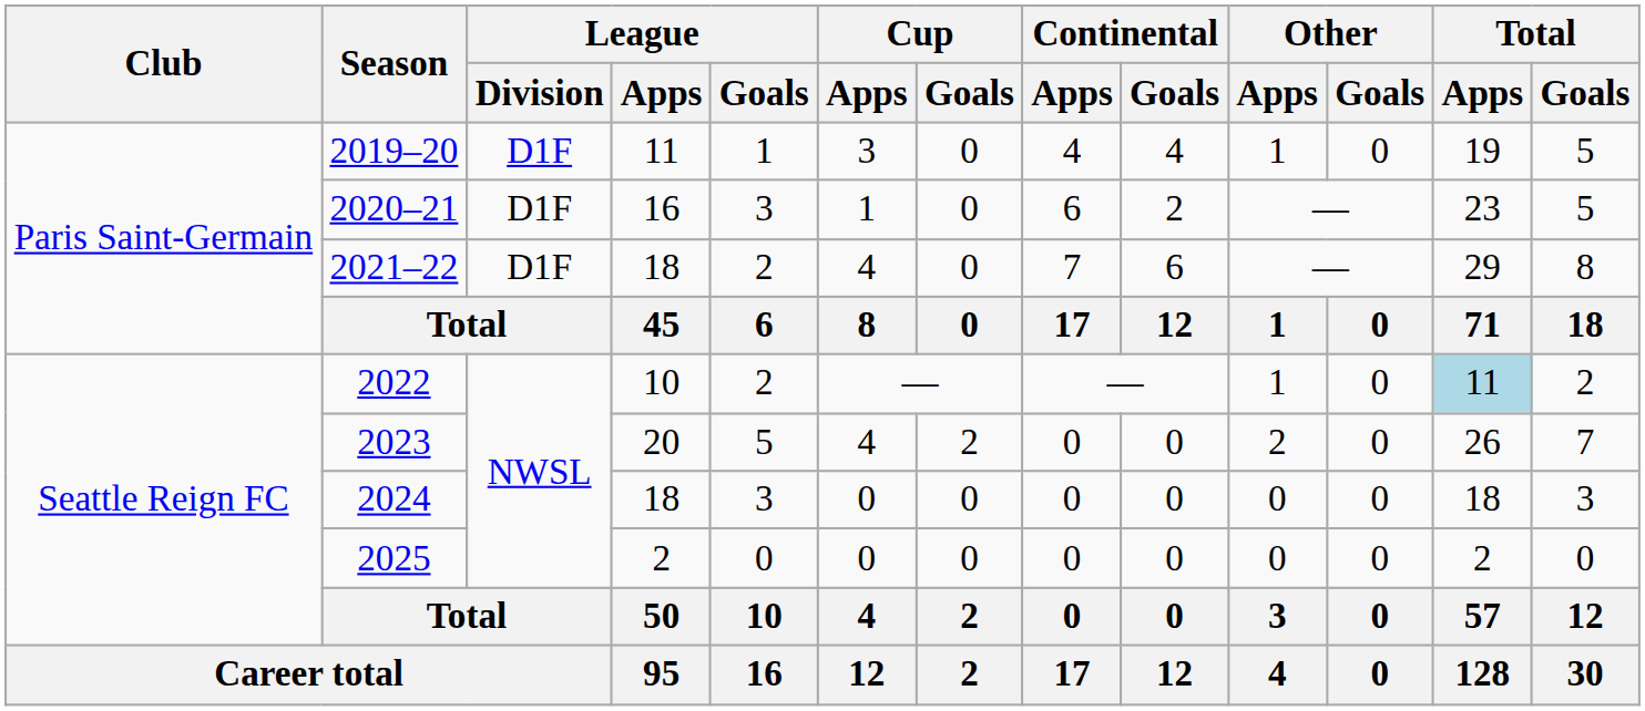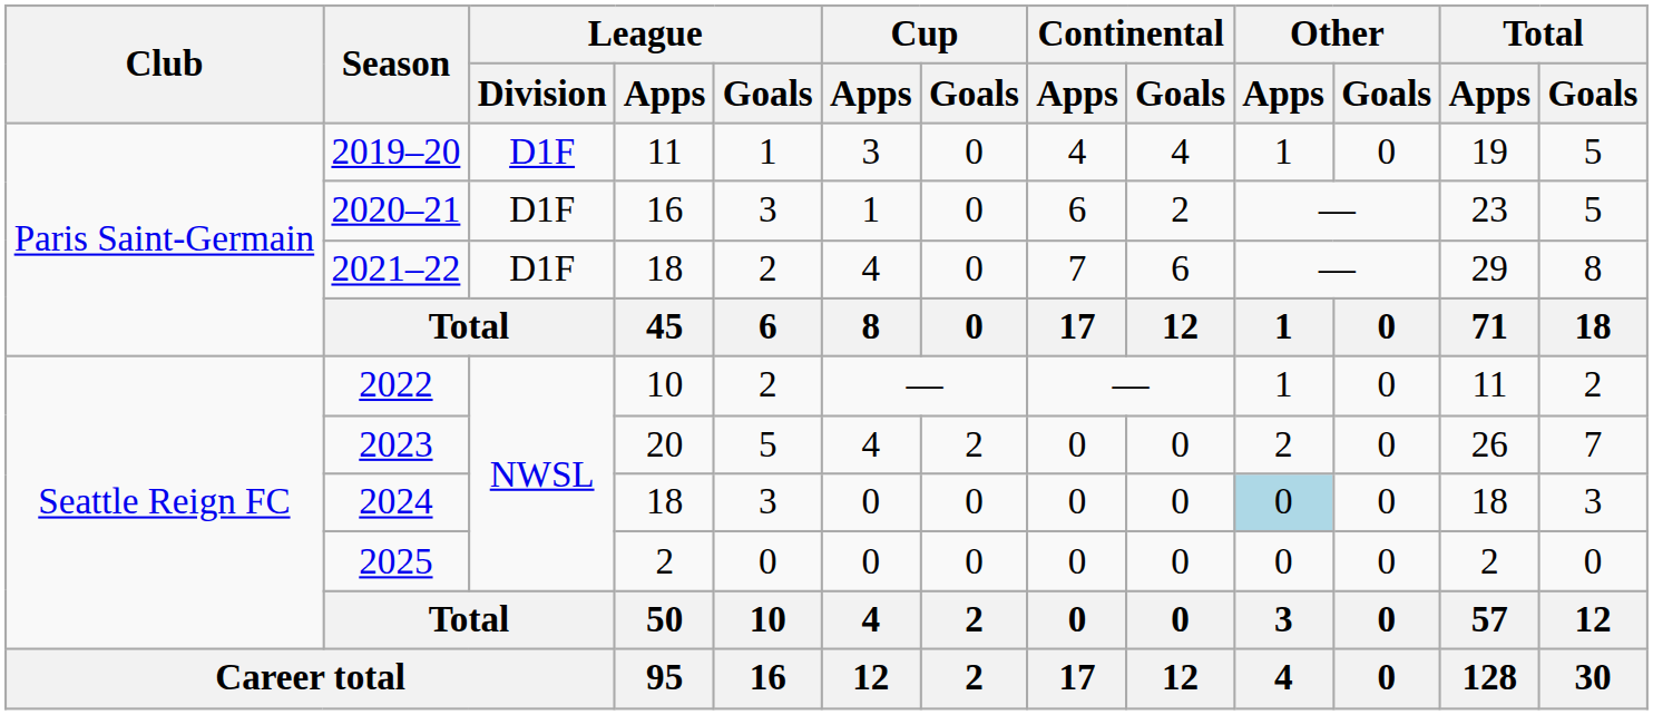 <table class="wikitable" Style="text-align: center">
 <tr>
 <th rowspan="2">Club</th>
 <th rowspan="2">Season</th>
 <th colspan="3">League</th>
 <th colspan="2">Cup</th>
 <th colspan="2">Continental</th>
 <th colspan="2">Other</th>
 <th colspan="2">Total</th>
 </tr>
 <tr>
 <th>Division</th>
 <th>Apps</th>
 <th>Goals</th>
 <th>Apps</th>
 <th>Goals</th>
 <th>Apps</th>
 <th>Goals</th>
 <th>Apps</th>
 <th>Goals</th>
 <th>Apps</th>
 <th>Goals</th>
 </tr>
 <tr>
 <td rowspan="4"><a href='#'>Paris Saint-Germain</a></td>
 <td><a href='#'>2019–20</a></td>
 <td><a href='#'>D1F</a></td>
 <td>11</td>
 <td>1</td>
 <td>3</td>
 <td>0</td>
 <td>4</td>
 <td>4</td>
 <td>1</td>
 <td>0</td>
 <td>19</td>
 <td>5</td>
 </tr>
 <tr>
 <td><a href='#'>2020–21</a></td>
 <td>D1F</td>
 <td>16</td>
 <td>3</td>
 <td>1</td>
 <td>0</td>
 <td>6</td>
 <td>2</td>
 <td colspan="2">—</td>
 <td>23</td>
 <td>5</td>
 </tr>
 <tr>
 <td><a href='#'>2021–22</a></td>
 <td>D1F</td>
 <td>18</td>
 <td>2</td>
 <td>4</td>
 <td>0</td>
 <td>7</td>
 <td>6</td>
 <td colspan="2">—</td>
 <td>29</td>
 <td>8</td>
 </tr>
 <tr>
 <th colspan="2">Total</th>
 <th>45</th>
 <th>6</th>
 <th>8</th>
 <th>0</th>
 <th>17</th>
 <th>12</th>
 <th>1</th>
 <th>0</th>
 <th>71</th>
 <th>18</th>
 </tr>
 <tr>
 <td rowspan="5"><a href='#'>Seattle Reign FC</a></td>
 <td><a href='#'>2022</a></td>
 <td rowspan="4"><a href='#'>NWSL</a></td>
 <td>10</td>
 <td>2</td>
 <td colspan="2">—</td>
 <td colspan="2">—</td>
 <td>1</td>
 <td>0</td>
-<td style="background: lightblue;">11</td>
+<td>11</td>
 <td>2</td>
 </tr>
 <tr>
 <td><a href='#'>2023</a></td>
 <td>20</td>
 <td>5</td>
 <td>4</td>
 <td>2</td>
 <td>0</td>
 <td>0</td>
 <td>2</td>
 <td>0</td>
 <td>26</td>
 <td>7</td>
 </tr>
 <tr>
 <td><a href='#'>2024</a></td>
 <td>18</td>
 <td>3</td>
 <td>0</td>
 <td>0</td>
 <td>0</td>
 <td>0</td>
-<td>0</td>
+<td style="background: lightblue;">0</td>
 <td>0</td>
 <td>18</td>
 <td>3</td>
 </tr>
 <tr>
 <td><a href='#'>2025</a></td>
 <td>2</td>
 <td>0</td>
 <td>0</td>
 <td>0</td>
 <td>0</td>
 <td>0</td>
 <td>0</td>
 <td>0</td>
 <td>2</td>
 <td>0</td>
 </tr>
 <tr>
 <th colspan="2">Total</th>
 <th>50</th>
 <th>10</th>
 <th>4</th>
 <th>2</th>
 <th>0</th>
 <th>0</th>
 <th>3</th>
 <th>0</th>
 <th>57</th>
 <th>12</th>
 </tr>
 <tr>
 <th colspan="3">Career total</th>
 <th>95</th>
 <th>16</th>
 <th>12</th>
 <th>2</th>
 <th>17</th>
 <th>12</th>
 <th>4</th>
 <th>0</th>
 <th>128</th>
 <th>30</th>
 </tr>
 </table>
